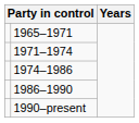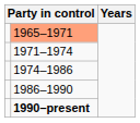 <table class="wikitable">
 <tr>
 <th colspan="2">Party in control</th>
 <th>Years</th>
 </tr>
 <tr>
 <td></td>
-<td>1965–1971</td>
+<td style="background: lightsalmon;">1965–1971</td>
 </tr>
 <tr>
 <td></td>
 <td>1971–1974</td>
 </tr>
 <tr>
 <td></td>
 <td>1974–1986</td>
 </tr>
 <tr>
 <td></td>
 <td>1986–1990</td>
 </tr>
 <tr>
 <td></td>
-<td>1990–present</td>
+<td><strong>1990–present</strong></td>
 </tr>
 </table>
